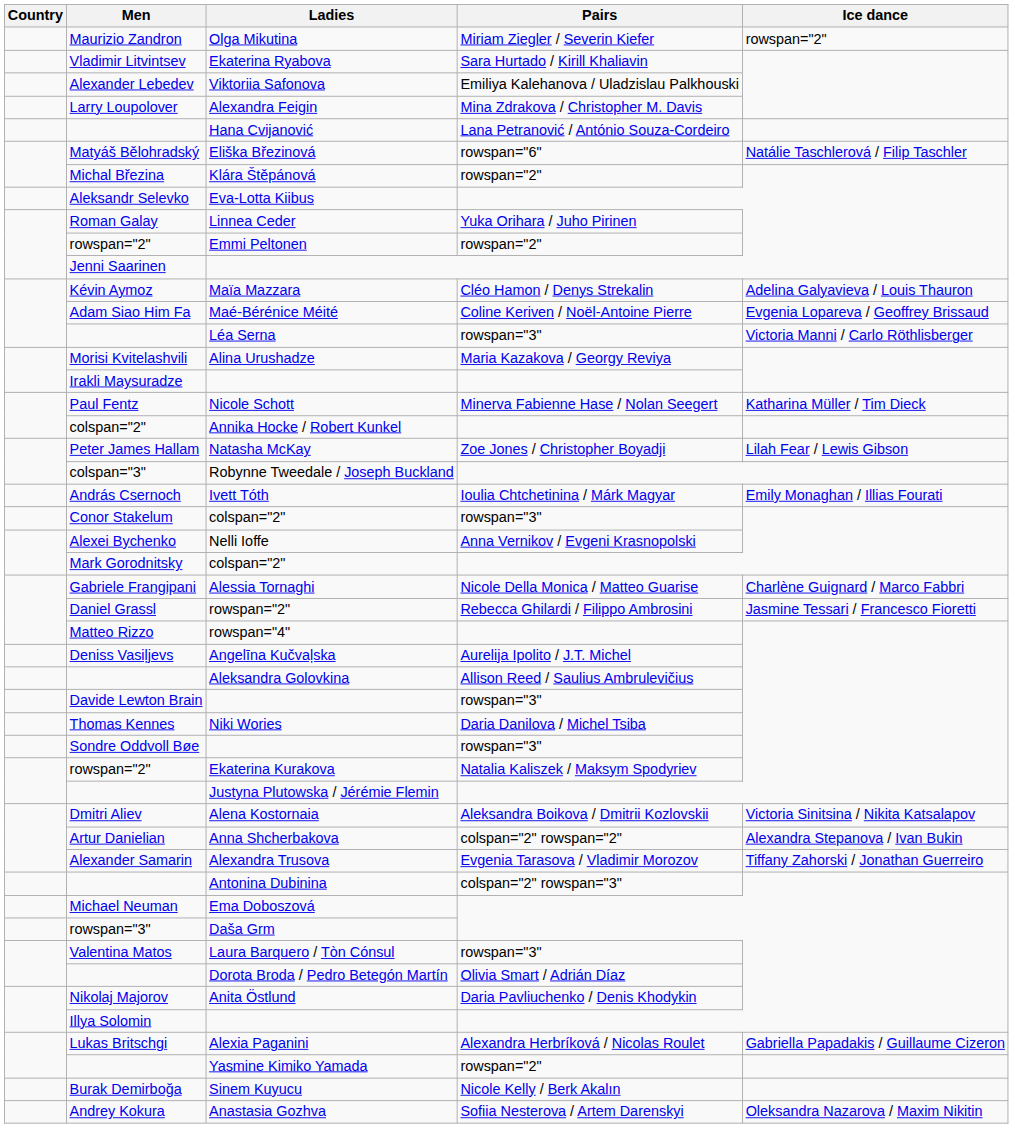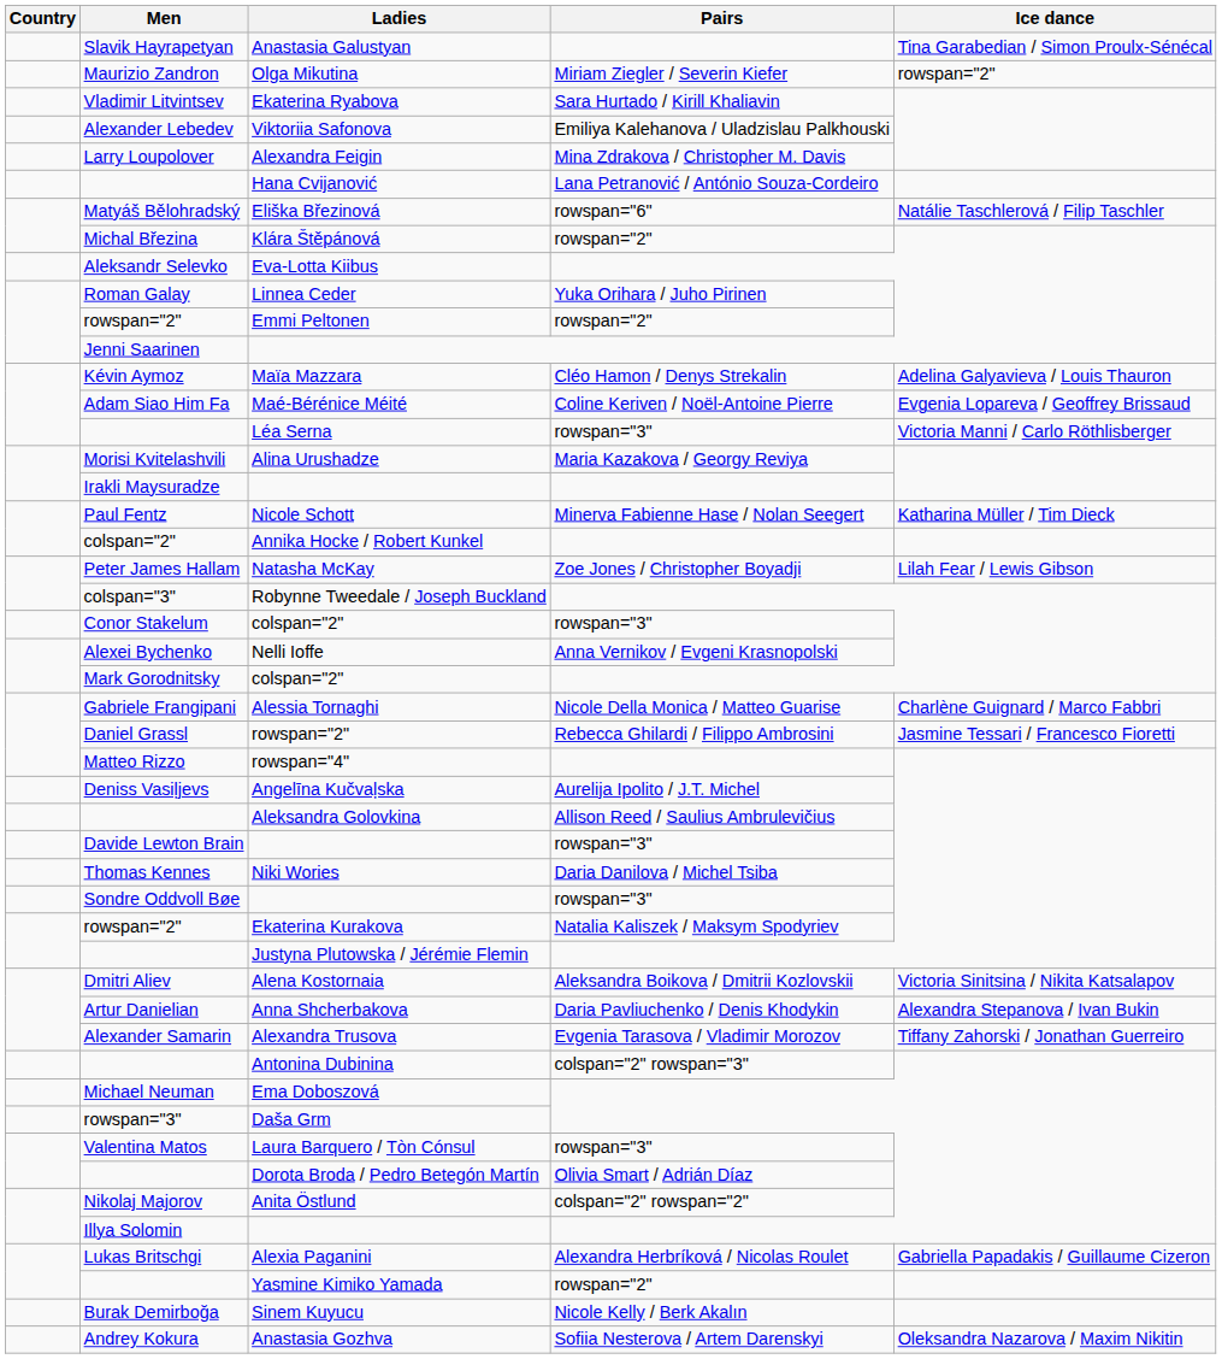 <table class="wikitable">
 <tr>
 <th>Country</th>
 <th>Men</th>
 <th>Ladies</th>
 <th>Pairs</th>
 <th>Ice dance</th>
+</tr>
+<tr>
+<td></td>
+<td><a href='#'>Slavik Hayrapetyan</a></td>
+<td><a href='#'>Anastasia Galustyan</a></td>
+<td></td>
+<td><a href='#'>Tina Garabedian</a> / <a href='#'>Simon Proulx-Sénécal</a></td>
 </tr>
 <tr>
 <td></td>
 <td><a href='#'>Maurizio Zandron</a></td>
 <td><a href='#'>Olga Mikutina</a></td>
 <td><a href='#'>Miriam Ziegler</a> / <a href='#'>Severin Kiefer</a></td>
 <td>rowspan="2" </td>
 </tr>
 <tr>
 <td></td>
 <td><a href='#'>Vladimir Litvintsev</a></td>
 <td><a href='#'>Ekaterina Ryabova</a></td>
 <td><a href='#'>Sara Hurtado</a> / <a href='#'>Kirill Khaliavin</a></td>
 </tr>
 <tr>
 <td></td>
 <td><a href='#'>Alexander Lebedev</a></td>
 <td><a href='#'>Viktoriia Safonova</a></td>
 <td>Emiliya Kalehanova / Uladzislau Palkhouski</td>
 </tr>
 <tr>
 <td></td>
 <td><a href='#'>Larry Loupolover</a></td>
 <td><a href='#'>Alexandra Feigin</a></td>
 <td><a href='#'>Mina Zdrakova</a> / <a href='#'>Christopher M. Davis</a></td>
 </tr>
 <tr>
 <td></td>
 <td></td>
 <td><a href='#'>Hana Cvijanović</a></td>
 <td><a href='#'>Lana Petranović</a> / <a href='#'>António Souza-Cordeiro</a></td>
 <td></td>
 </tr>
 <tr>
 <td rowspan="2"></td>
 <td><a href='#'>Matyáš Bělohradský</a></td>
 <td><a href='#'>Eliška Březinová</a></td>
 <td>rowspan="6" </td>
 <td><a href='#'>Natálie Taschlerová</a> / <a href='#'>Filip Taschler</a></td>
 </tr>
 <tr>
 <td><a href='#'>Michal Březina</a></td>
 <td><a href='#'>Klára Štěpánová</a></td>
 <td>rowspan="2" </td>
 </tr>
 <tr>
 <td></td>
 <td><a href='#'>Aleksandr Selevko</a></td>
 <td><a href='#'>Eva-Lotta Kiibus</a></td>
 </tr>
 <tr>
 <td rowspan="3"></td>
 <td><a href='#'>Roman Galay</a></td>
 <td><a href='#'>Linnea Ceder</a></td>
 <td><a href='#'>Yuka Orihara</a> / <a href='#'>Juho Pirinen</a></td>
 </tr>
 <tr>
 <td>rowspan="2" </td>
 <td><a href='#'>Emmi Peltonen</a></td>
 <td>rowspan="2" </td>
 </tr>
 <tr>
 <td><a href='#'>Jenni Saarinen</a></td>
 </tr>
 <tr>
 <td rowspan="3"></td>
 <td><a href='#'>Kévin Aymoz</a></td>
 <td><a href='#'>Maïa Mazzara</a></td>
 <td><a href='#'>Cléo Hamon</a> / <a href='#'>Denys Strekalin</a></td>
 <td><a href='#'>Adelina Galyavieva</a> / <a href='#'>Louis Thauron</a></td>
 </tr>
 <tr>
 <td><a href='#'>Adam Siao Him Fa</a></td>
 <td><a href='#'>Maé-Bérénice Méité</a></td>
 <td><a href='#'>Coline Keriven</a> / <a href='#'>Noël-Antoine Pierre</a></td>
 <td><a href='#'>Evgenia Lopareva</a> / <a href='#'>Geoffrey Brissaud</a></td>
 </tr>
 <tr>
 <td></td>
 <td><a href='#'>Léa Serna</a></td>
 <td>rowspan="3" </td>
 <td><a href='#'>Victoria Manni</a> / <a href='#'>Carlo Röthlisberger</a></td>
 </tr>
 <tr>
 <td rowspan="2"></td>
 <td><a href='#'>Morisi Kvitelashvili</a></td>
 <td><a href='#'>Alina Urushadze</a></td>
 <td><a href='#'>Maria Kazakova</a> / <a href='#'>Georgy Reviya</a></td>
 </tr>
 <tr>
 <td><a href='#'>Irakli Maysuradze</a></td>
 <td></td>
 <td></td>
 </tr>
 <tr>
 <td rowspan="2"></td>
 <td><a href='#'>Paul Fentz</a></td>
 <td><a href='#'>Nicole Schott</a></td>
 <td><a href='#'>Minerva Fabienne Hase</a> / <a href='#'>Nolan Seegert</a></td>
 <td><a href='#'>Katharina Müller</a> / <a href='#'>Tim Dieck</a></td>
 </tr>
 <tr>
 <td>colspan="2" </td>
 <td><a href='#'>Annika Hocke</a> / <a href='#'>Robert Kunkel</a></td>
 <td></td>
 </tr>
 <tr>
 <td rowspan="2"></td>
 <td><a href='#'>Peter James Hallam</a></td>
 <td><a href='#'>Natasha McKay</a></td>
 <td><a href='#'>Zoe Jones</a> / <a href='#'>Christopher Boyadji</a></td>
 <td><a href='#'>Lilah Fear</a> / <a href='#'>Lewis Gibson</a></td>
 </tr>
 <tr>
 <td>colspan="3" </td>
 <td>Robynne Tweedale / <a href='#'>Joseph Buckland</a></td>
 </tr>
 <tr>
 <td></td>
-<td><a href='#'>András Csernoch</a></td>
-<td><a href='#'>Ivett Tóth</a></td>
-<td><a href='#'>Ioulia Chtchetinina</a> / <a href='#'>Márk Magyar</a></td>
-<td><a href='#'>Emily Monaghan</a> / <a href='#'>Illias Fourati</a></td>
-</tr>
-<tr>
-<td></td>
 <td><a href='#'>Conor Stakelum</a></td>
 <td>colspan="2" </td>
 <td>rowspan="3" </td>
 </tr>
 <tr>
 <td rowspan="2"></td>
 <td><a href='#'>Alexei Bychenko</a></td>
 <td>Nelli Ioffe</td>
 <td><a href='#'>Anna Vernikov</a> / <a href='#'>Evgeni Krasnopolski</a></td>
 </tr>
 <tr>
 <td><a href='#'>Mark Gorodnitsky</a></td>
 <td>colspan="2" </td>
 </tr>
 <tr>
 <td rowspan="3"></td>
 <td><a href='#'>Gabriele Frangipani</a></td>
 <td><a href='#'>Alessia Tornaghi</a></td>
 <td><a href='#'>Nicole Della Monica</a> / <a href='#'>Matteo Guarise</a></td>
 <td><a href='#'>Charlène Guignard</a> / <a href='#'>Marco Fabbri</a></td>
 </tr>
 <tr>
 <td><a href='#'>Daniel Grassl</a></td>
 <td>rowspan="2" </td>
 <td><a href='#'>Rebecca Ghilardi</a> / <a href='#'>Filippo Ambrosini</a></td>
 <td><a href='#'>Jasmine Tessari</a> / <a href='#'>Francesco Fioretti</a></td>
 </tr>
 <tr>
 <td><a href='#'>Matteo Rizzo</a></td>
 <td>rowspan="4" </td>
 <td></td>
 </tr>
 <tr>
 <td></td>
 <td><a href='#'>Deniss Vasiļjevs</a></td>
 <td><a href='#'>Angelīna Kučvaļska</a></td>
 <td><a href='#'>Aurelija Ipolito</a> / <a href='#'>J.T. Michel</a></td>
 </tr>
 <tr>
 <td></td>
 <td></td>
 <td><a href='#'>Aleksandra Golovkina</a></td>
 <td><a href='#'>Allison Reed</a> / <a href='#'>Saulius Ambrulevičius</a></td>
 </tr>
 <tr>
 <td></td>
 <td><a href='#'>Davide Lewton Brain</a></td>
 <td></td>
 <td>rowspan="3" </td>
 </tr>
 <tr>
 <td></td>
 <td><a href='#'>Thomas Kennes</a></td>
 <td><a href='#'>Niki Wories</a></td>
 <td><a href='#'>Daria Danilova</a> / <a href='#'>Michel Tsiba</a></td>
 </tr>
 <tr>
 <td></td>
 <td><a href='#'>Sondre Oddvoll Bøe</a></td>
 <td></td>
 <td>rowspan="3" </td>
 </tr>
 <tr>
 <td rowspan="2"></td>
 <td>rowspan="2" </td>
 <td><a href='#'>Ekaterina Kurakova</a></td>
 <td><a href='#'>Natalia Kaliszek</a> / <a href='#'>Maksym Spodyriev</a></td>
 </tr>
 <tr>
 <td></td>
 <td><a href='#'>Justyna Plutowska</a> / <a href='#'>Jérémie Flemin</a></td>
 </tr>
 <tr>
 <td rowspan="3"></td>
 <td><a href='#'>Dmitri Aliev</a></td>
 <td><a href='#'>Alena Kostornaia</a></td>
 <td><a href='#'>Aleksandra Boikova</a> / <a href='#'>Dmitrii Kozlovskii</a></td>
 <td><a href='#'>Victoria Sinitsina</a> / <a href='#'>Nikita Katsalapov</a></td>
 </tr>
 <tr>
 <td><a href='#'>Artur Danielian</a></td>
 <td><a href='#'>Anna Shcherbakova</a></td>
-<td>colspan="2" rowspan="2" </td>
+<td><a href='#'>Daria Pavliuchenko</a> / <a href='#'>Denis Khodykin</a></td>
 <td><a href='#'>Alexandra Stepanova</a> / <a href='#'>Ivan Bukin</a></td>
 </tr>
 <tr>
 <td><a href='#'>Alexander Samarin</a></td>
 <td><a href='#'>Alexandra Trusova</a></td>
 <td><a href='#'>Evgenia Tarasova</a> / <a href='#'>Vladimir Morozov</a></td>
 <td><a href='#'>Tiffany Zahorski</a> / <a href='#'>Jonathan Guerreiro</a></td>
 </tr>
 <tr>
 <td></td>
 <td></td>
 <td><a href='#'>Antonina Dubinina</a></td>
 <td>colspan="2" rowspan="3" </td>
 </tr>
 <tr>
 <td></td>
 <td><a href='#'>Michael Neuman</a></td>
 <td><a href='#'>Ema Doboszová</a></td>
 </tr>
 <tr>
 <td></td>
 <td>rowspan="3" </td>
 <td><a href='#'>Daša Grm</a></td>
 </tr>
 <tr>
 <td rowspan="2"></td>
 <td><a href='#'>Valentina Matos</a></td>
 <td><a href='#'>Laura Barquero</a> / <a href='#'>Tòn Cónsul</a></td>
 <td>rowspan="3" </td>
 </tr>
 <tr>
 <td></td>
 <td><a href='#'>Dorota Broda</a> / <a href='#'>Pedro Betegón Martín</a></td>
 <td><a href='#'>Olivia Smart</a> / <a href='#'>Adrián Díaz</a></td>
 </tr>
 <tr>
 <td rowspan="2"></td>
 <td><a href='#'>Nikolaj Majorov</a></td>
 <td><a href='#'>Anita Östlund</a></td>
-<td><a href='#'>Daria Pavliuchenko</a> / <a href='#'>Denis Khodykin</a></td>
+<td>colspan="2" rowspan="2" </td>
 </tr>
 <tr>
 <td><a href='#'>Illya Solomin</a></td>
 <td></td>
 </tr>
 <tr>
 <td rowspan="2"></td>
 <td><a href='#'>Lukas Britschgi</a></td>
 <td><a href='#'>Alexia Paganini</a></td>
 <td><a href='#'>Alexandra Herbríková</a> / <a href='#'>Nicolas Roulet</a></td>
 <td><a href='#'>Gabriella Papadakis</a> / <a href='#'>Guillaume Cizeron</a></td>
 </tr>
 <tr>
 <td></td>
 <td><a href='#'>Yasmine Kimiko Yamada</a></td>
 <td>rowspan="2" </td>
 <td></td>
 </tr>
 <tr>
 <td></td>
 <td><a href='#'>Burak Demirboğa</a></td>
 <td><a href='#'>Sinem Kuyucu</a></td>
 <td><a href='#'>Nicole Kelly</a> / <a href='#'>Berk Akalın</a></td>
 </tr>
 <tr>
 <td></td>
 <td><a href='#'>Andrey Kokura</a></td>
 <td><a href='#'>Anastasia Gozhva</a></td>
 <td><a href='#'>Sofiia Nesterova</a> / <a href='#'>Artem Darenskyi</a></td>
 <td><a href='#'>Oleksandra Nazarova</a> / <a href='#'>Maxim Nikitin</a></td>
 </tr>
 </table>
